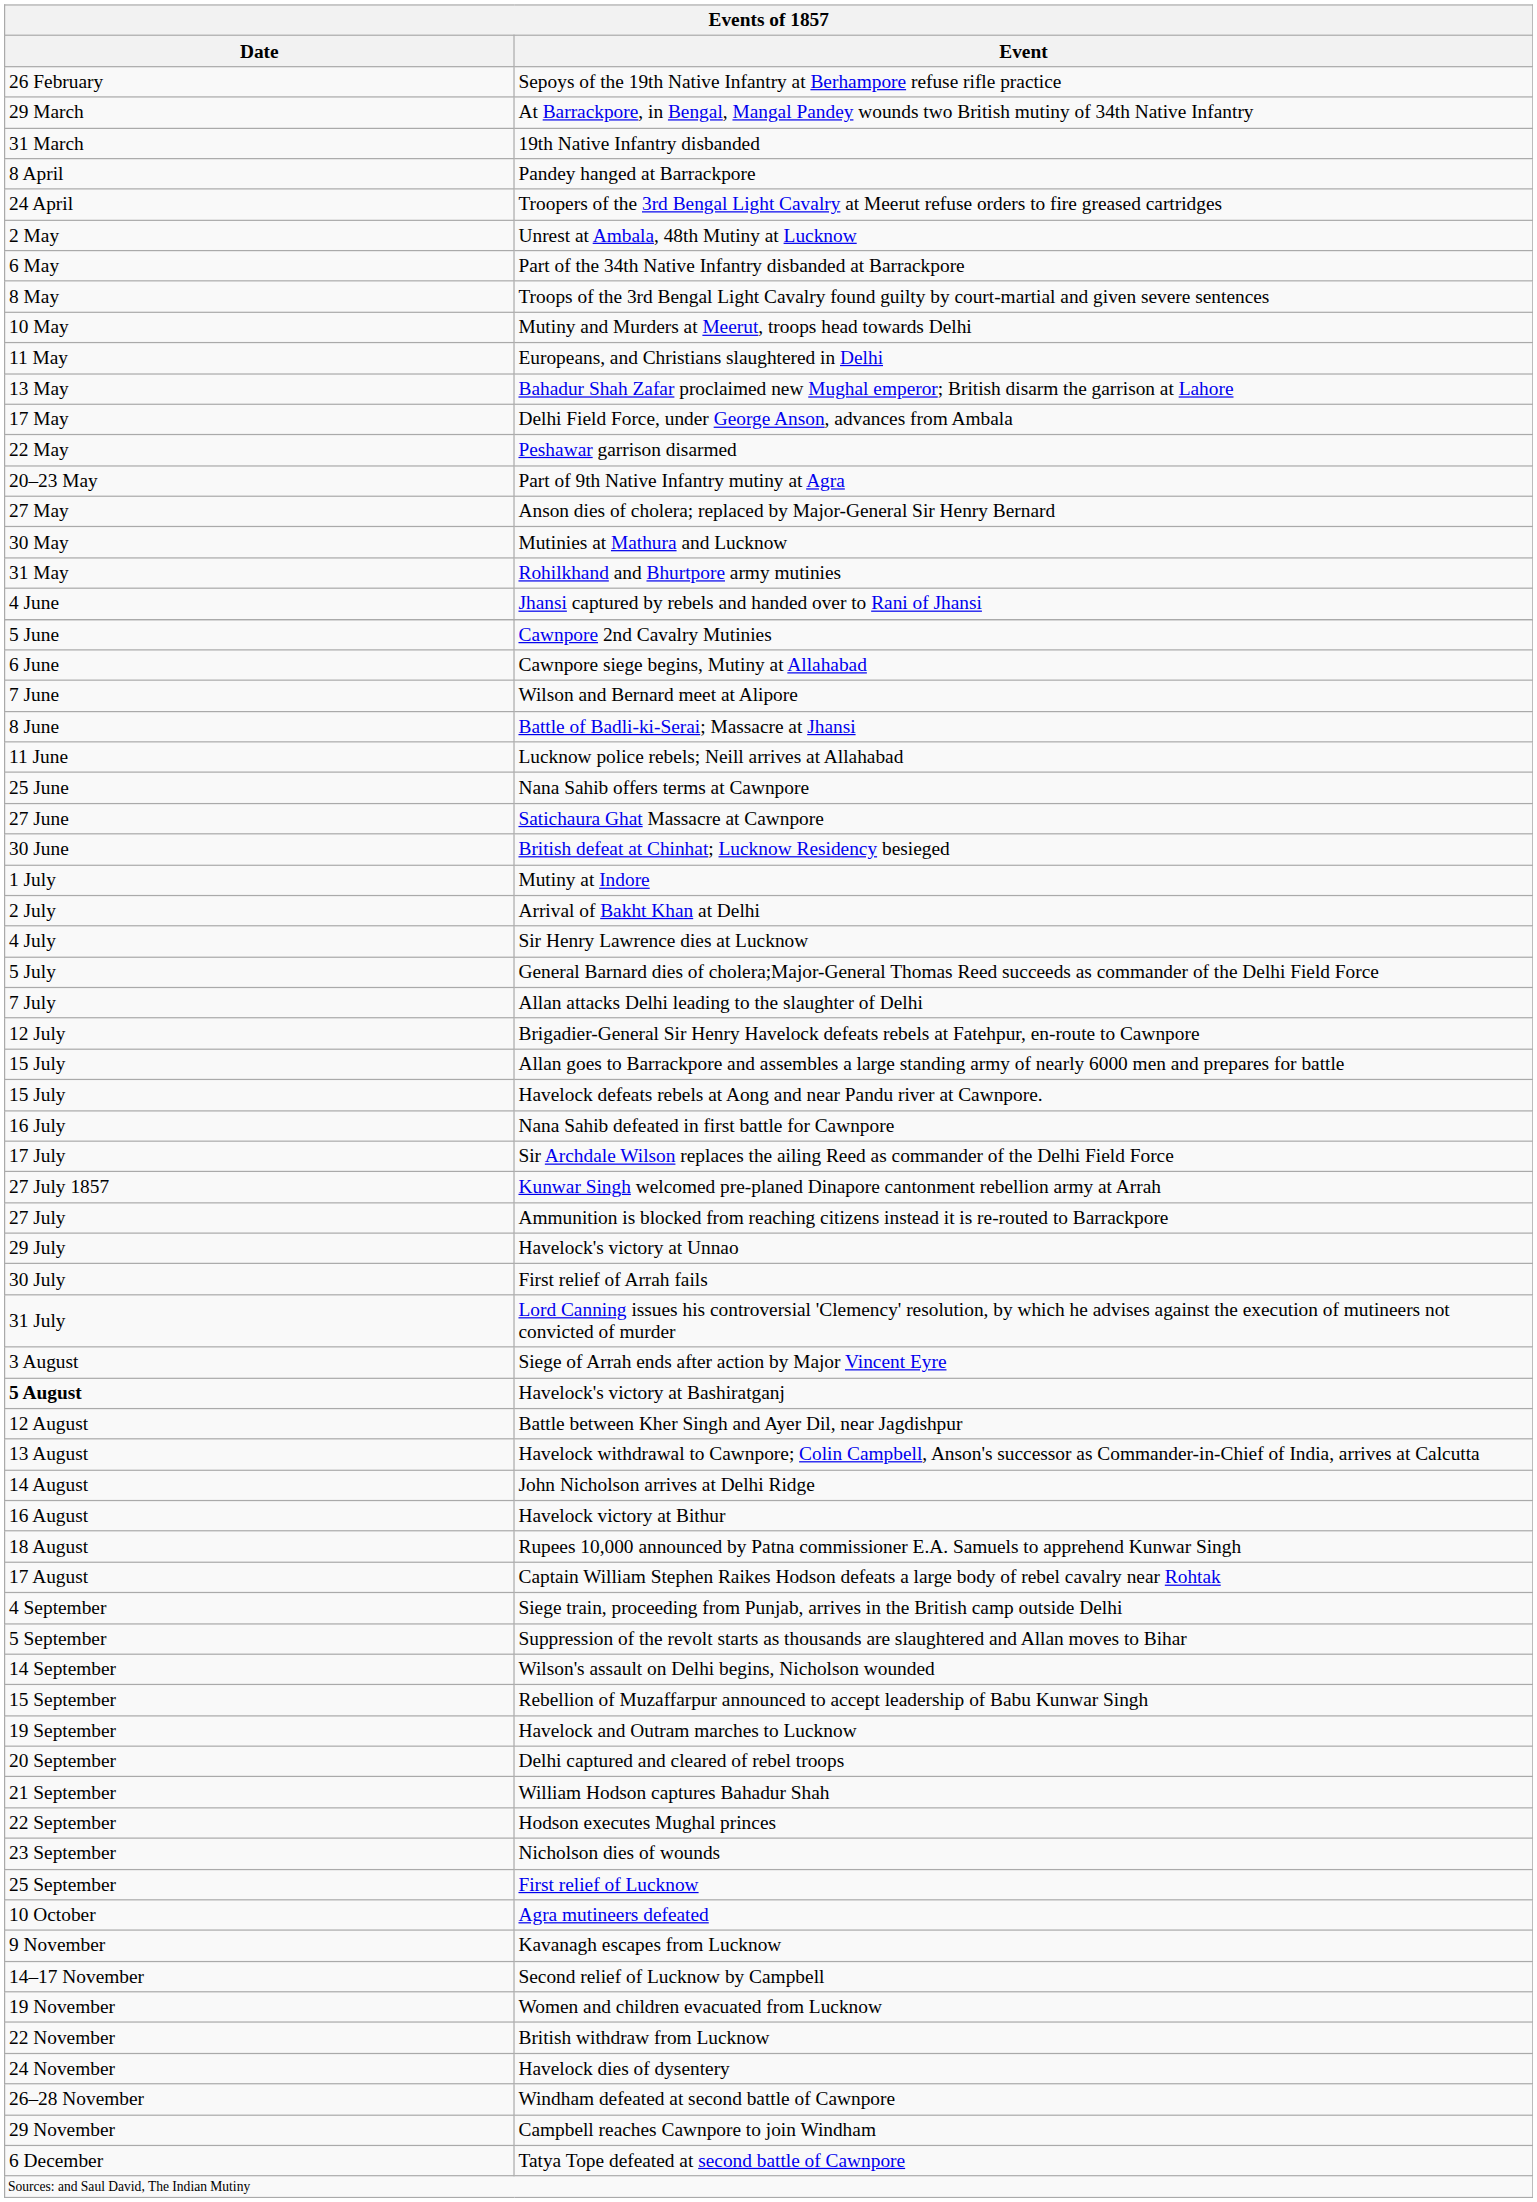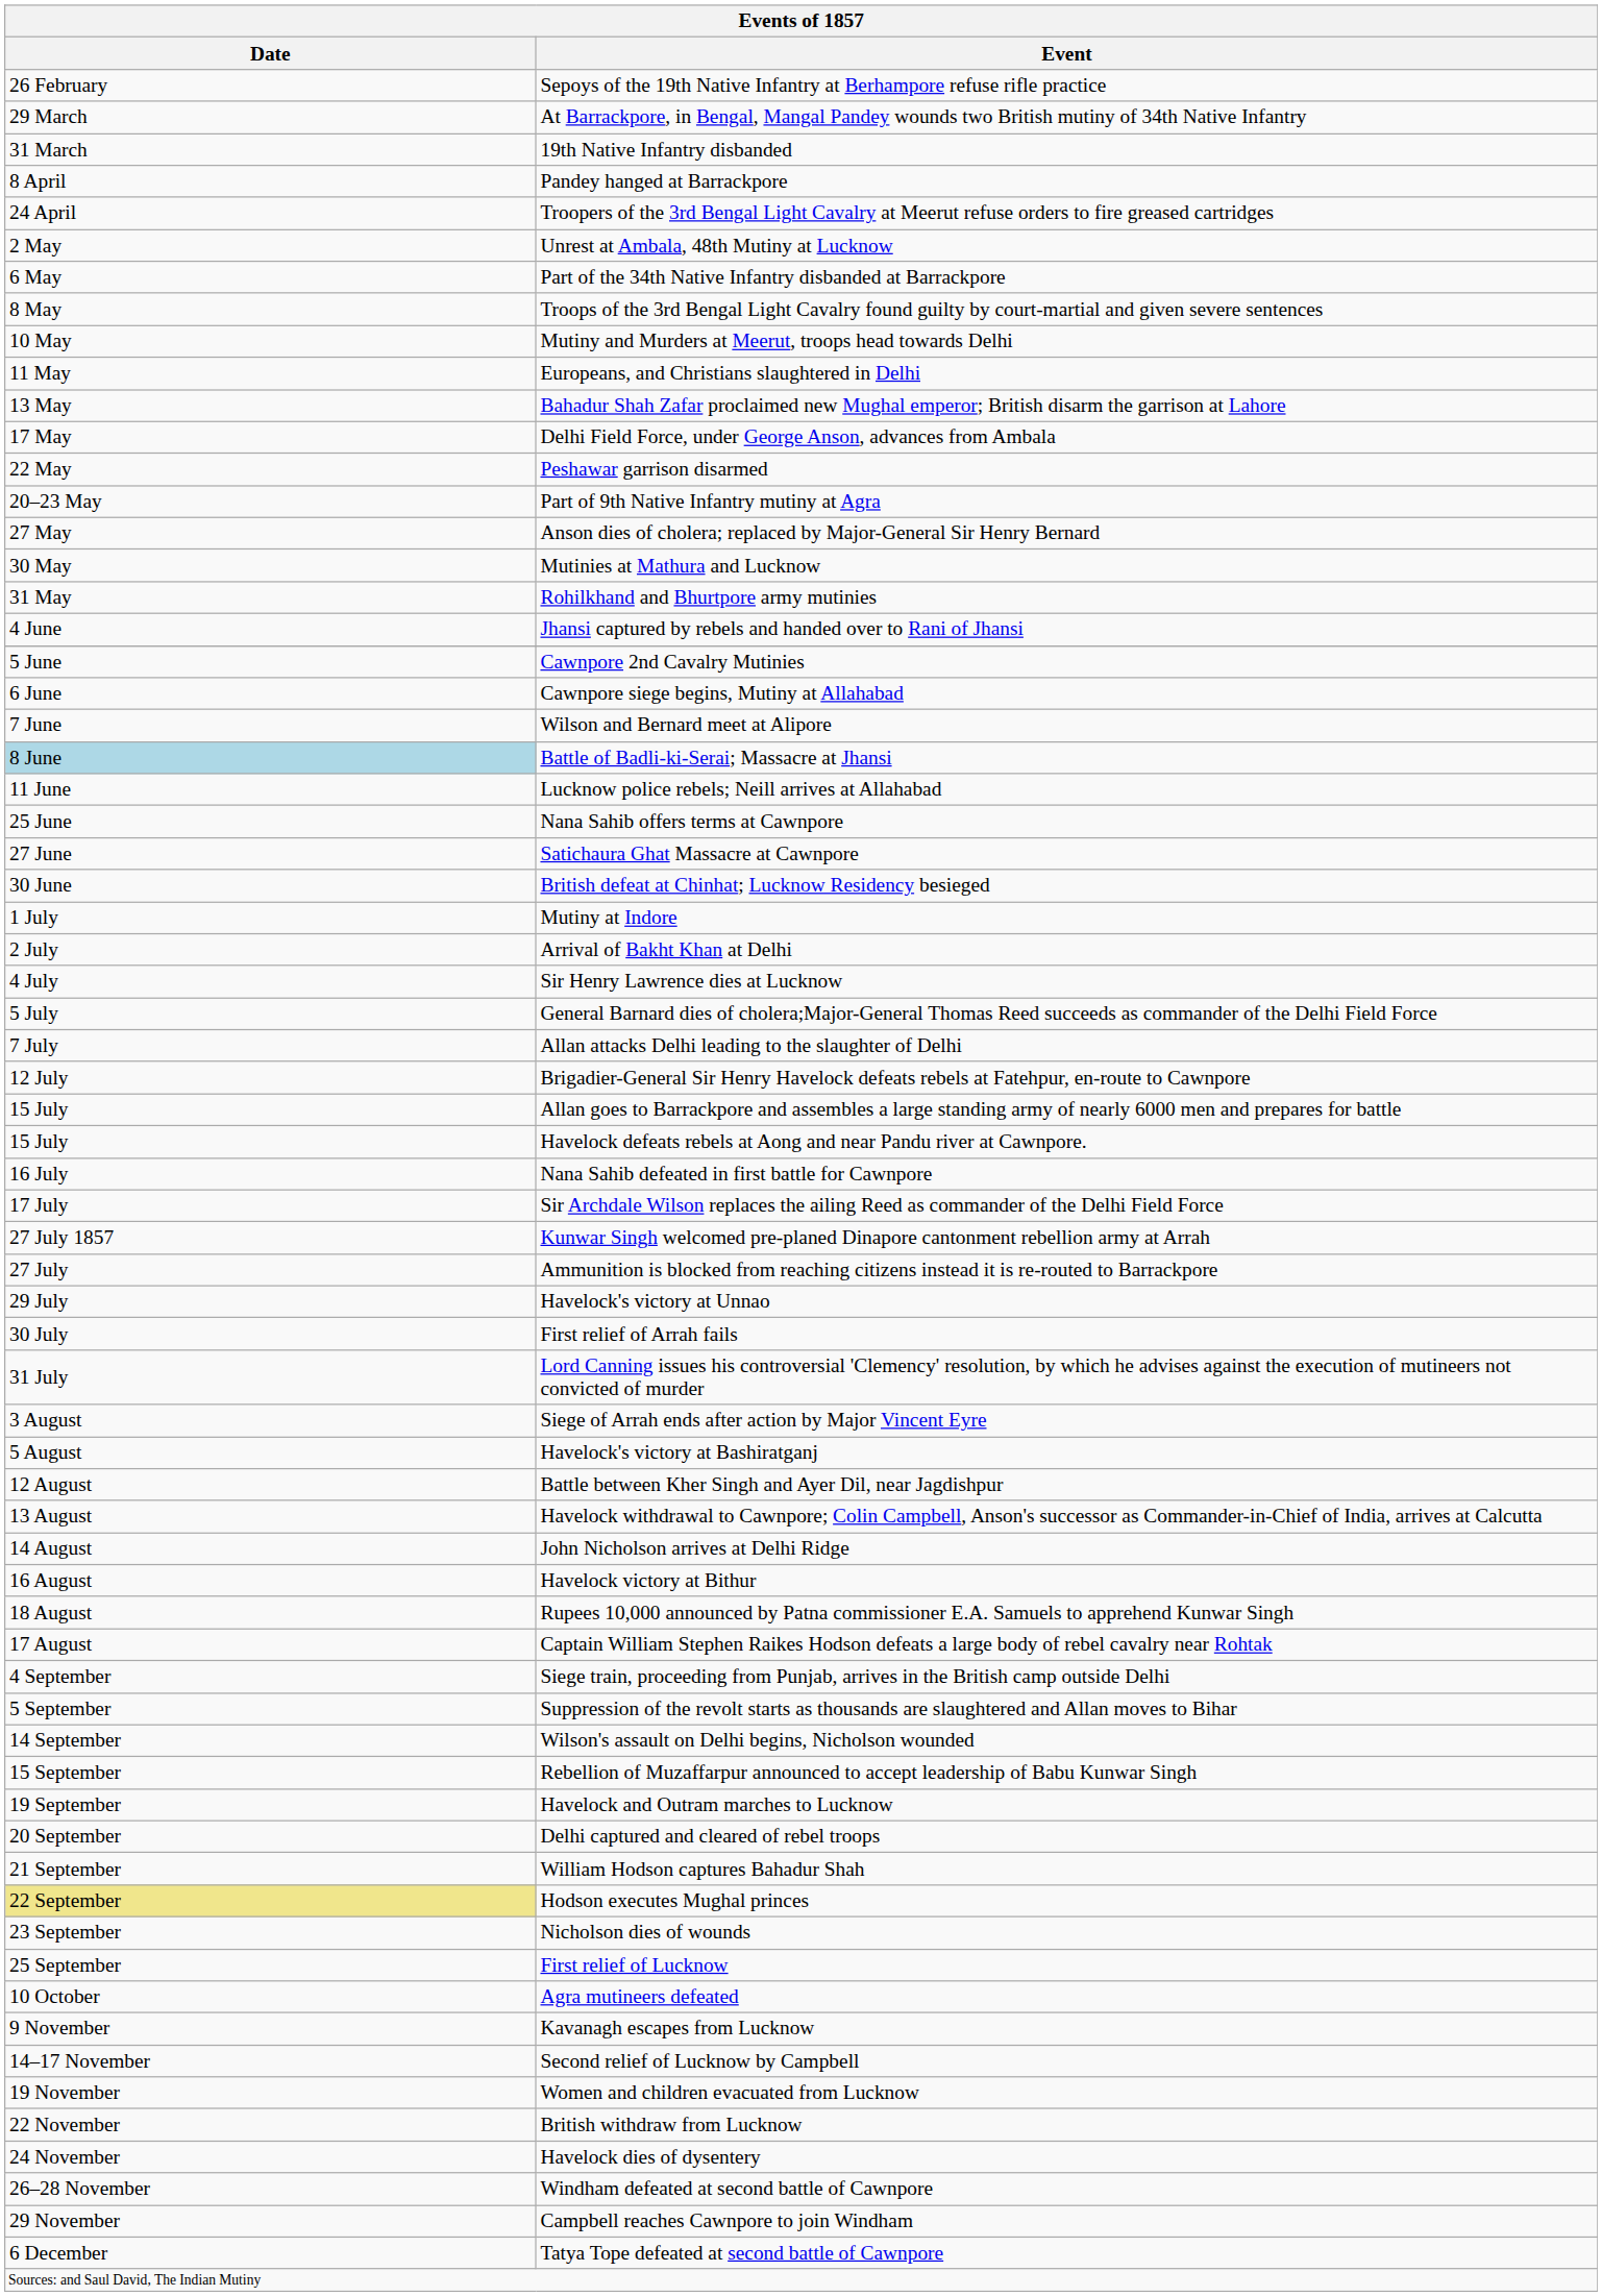 <table class="wikitable" width="100%" align=left style="clear:left">
 <tr>
 <th colspan=5>Events of 1857</th>
 </tr>
 <tr>
 <th width="25%">Date</th>
 <th width="50%">Event</th>
 </tr>
 <tr>
 <td>26 February</td>
 <td>Sepoys of the 19th Native Infantry at <a href='#'>Berhampore</a> refuse rifle practice</td>
 </tr>
 <tr>
 <td>29 March</td>
 <td>At <a href='#'>Barrackpore</a>, in <a href='#'>Bengal</a>, <a href='#'>Mangal Pandey</a> wounds two British mutiny of 34th Native Infantry</td>
 </tr>
 <tr>
 <td>31 March</td>
 <td>19th Native Infantry disbanded</td>
 </tr>
 <tr>
 <td>8 April</td>
 <td>Pandey hanged at Barrackpore</td>
 </tr>
 <tr>
 <td>24 April</td>
 <td>Troopers of the <a href='#'>3rd Bengal Light Cavalry</a> at Meerut refuse orders to fire greased cartridges</td>
 </tr>
 <tr>
 <td>2 May</td>
 <td>Unrest at <a href='#'>Ambala</a>, 48th Mutiny at <a href='#'>Lucknow</a></td>
 </tr>
 <tr>
 <td>6 May</td>
 <td>Part of the 34th Native Infantry disbanded at Barrackpore</td>
 </tr>
 <tr>
 <td>8 May</td>
 <td>Troops of the 3rd Bengal Light Cavalry found guilty by court-martial and given severe sentences</td>
 </tr>
 <tr>
 <td>10 May</td>
 <td>Mutiny and Murders at <a href='#'>Meerut</a>, troops head towards Delhi</td>
 </tr>
 <tr>
 <td>11 May</td>
 <td>Europeans, and Christians slaughtered in <a href='#'>Delhi</a></td>
 </tr>
 <tr>
 <td>13 May</td>
 <td><a href='#'>Bahadur Shah Zafar</a> proclaimed new <a href='#'>Mughal emperor</a>; British disarm the garrison at <a href='#'>Lahore</a></td>
 </tr>
 <tr>
 <td>17 May</td>
 <td>Delhi Field Force, under <a href='#'>George Anson</a>, advances from Ambala</td>
 </tr>
 <tr>
 <td>22 May</td>
 <td><a href='#'>Peshawar</a> garrison disarmed</td>
 </tr>
 <tr>
 <td>20–23 May</td>
 <td>Part of 9th Native Infantry mutiny at <a href='#'>Agra</a></td>
 </tr>
 <tr>
 <td>27 May</td>
 <td>Anson dies of cholera; replaced by Major-General Sir Henry Bernard</td>
 </tr>
 <tr>
 <td>30 May</td>
 <td>Mutinies at <a href='#'>Mathura</a> and Lucknow</td>
 </tr>
 <tr>
 <td>31 May</td>
 <td><a href='#'>Rohilkhand</a> and <a href='#'>Bhurtpore</a> army mutinies</td>
 </tr>
 <tr>
 <td>4 June</td>
 <td><a href='#'>Jhansi</a> captured by rebels and handed over to <a href='#'>Rani of Jhansi</a></td>
 </tr>
 <tr>
 </tr>
 <tr>
 <td>5 June</td>
 <td><a href='#'>Cawnpore</a> 2nd Cavalry Mutinies</td>
 </tr>
 <tr>
 <td>6 June</td>
 <td>Cawnpore siege begins, Mutiny at <a href='#'>Allahabad</a></td>
 </tr>
 <tr>
 <td>7 June</td>
 <td>Wilson and Bernard meet at Alipore</td>
 </tr>
 <tr>
-<td>8 June</td>
+<td style="background: lightblue;">8 June</td>
 <td><a href='#'>Battle of Badli-ki-Serai</a>; Massacre at <a href='#'>Jhansi</a></td>
 </tr>
 <tr>
 <td>11 June</td>
 <td>Lucknow police rebels; Neill arrives at Allahabad</td>
 </tr>
 <tr>
 <td>25 June</td>
 <td>Nana Sahib offers terms at Cawnpore</td>
 </tr>
 <tr>
 <td>27 June</td>
 <td><a href='#'>Satichaura Ghat</a> Massacre at Cawnpore</td>
 </tr>
 <tr>
 <td>30 June</td>
 <td><a href='#'>British defeat at Chinhat</a>; <a href='#'>Lucknow Residency</a> besieged</td>
 </tr>
 <tr>
 <td>1 July</td>
 <td>Mutiny at <a href='#'>Indore</a></td>
 </tr>
 <tr>
 <td>2 July</td>
 <td>Arrival of <a href='#'>Bakht Khan</a> at Delhi</td>
 </tr>
 <tr>
 <td>4 July</td>
 <td>Sir Henry Lawrence dies at Lucknow</td>
 </tr>
 <tr>
 <td>5 July</td>
 <td>General Barnard dies of cholera;Major-General Thomas Reed succeeds as commander of the Delhi Field Force</td>
 </tr>
 <tr>
 <td>7 July</td>
 <td>Allan attacks Delhi leading to the slaughter of Delhi</td>
 </tr>
 <tr>
 <td>12 July</td>
 <td>Brigadier-General Sir Henry Havelock defeats rebels at Fatehpur, en-route to Cawnpore</td>
 </tr>
 <tr>
 <td>15 July</td>
 <td>Allan goes to Barrackpore and assembles a large standing army of nearly 6000 men and prepares for battle</td>
 </tr>
 <tr>
 <td>15 July</td>
 <td>Havelock defeats rebels at Aong and near Pandu river at Cawnpore.</td>
 </tr>
 <tr>
 <td>16 July</td>
 <td>Nana Sahib defeated in first battle for Cawnpore</td>
 </tr>
 <tr>
 <td>17 July</td>
 <td>Sir <a href='#'>Archdale Wilson</a> replaces the ailing Reed as commander of the Delhi Field Force</td>
 </tr>
 <tr>
 <td>27 July 1857</td>
 <td><a href='#'>Kunwar Singh</a> welcomed pre-planed Dinapore cantonment rebellion army at Arrah</td>
 </tr>
 <tr>
 <td>27 July</td>
 <td>Ammunition is blocked from reaching citizens instead it is re-routed to Barrackpore</td>
 </tr>
 <tr>
 <td>29 July</td>
 <td>Havelock's victory at Unnao</td>
 </tr>
 <tr>
 <td>30 July</td>
 <td>First relief of Arrah fails</td>
 </tr>
 <tr>
 <td>31 July</td>
 <td><a href='#'>Lord Canning</a> issues his controversial 'Clemency' resolution, by which he advises against the execution of mutineers not convicted of murder</td>
 </tr>
 <tr>
 <td>3 August</td>
 <td>Siege of Arrah ends after action by Major <a href='#'>Vincent Eyre</a></td>
 </tr>
 <tr>
-<td><strong>5 August</strong></td>
+<td>5 August</td>
 <td>Havelock's victory at Bashiratganj</td>
 </tr>
 <tr>
 <td>12 August</td>
 <td>Battle between Kher Singh and Ayer Dil, near Jagdishpur</td>
 </tr>
 <tr>
 <td>13 August</td>
 <td>Havelock withdrawal to Cawnpore; <a href='#'>Colin Campbell</a>, Anson's successor as Commander-in-Chief of India, arrives at Calcutta</td>
 </tr>
 <tr>
 <td>14 August</td>
 <td>John Nicholson arrives at Delhi Ridge</td>
 </tr>
 <tr>
 <td>16 August</td>
 <td>Havelock victory at Bithur</td>
 </tr>
 <tr>
 <td>18 August</td>
 <td>Rupees 10,000 announced by Patna commissioner E.A. Samuels to apprehend Kunwar Singh</td>
 </tr>
 <tr>
 <td>17 August</td>
 <td>Captain William Stephen Raikes Hodson defeats a large body of rebel cavalry near <a href='#'>Rohtak</a></td>
 </tr>
 <tr>
 <td>4 September</td>
 <td>Siege train, proceeding from Punjab, arrives in the British camp outside Delhi</td>
 </tr>
 <tr>
 <td>5 September</td>
 <td>Suppression of the revolt starts as thousands are slaughtered and Allan moves to Bihar</td>
 </tr>
 <tr>
 <td>14 September</td>
 <td>Wilson's assault on Delhi begins, Nicholson wounded</td>
 </tr>
 <tr>
 <td>15 September</td>
 <td>Rebellion of Muzaffarpur announced to accept leadership of Babu Kunwar Singh</td>
 </tr>
 <tr>
 <td>19 September</td>
 <td>Havelock and Outram marches to Lucknow</td>
 </tr>
 <tr>
 <td>20 September</td>
 <td>Delhi captured and cleared of rebel troops</td>
 </tr>
 <tr>
 <td>21 September</td>
 <td>William Hodson captures Bahadur Shah</td>
 </tr>
 <tr>
-<td>22 September</td>
+<td style="background: khaki;">22 September</td>
 <td>Hodson executes Mughal princes</td>
 </tr>
 <tr>
 <td>23 September</td>
 <td>Nicholson dies of wounds</td>
 </tr>
 <tr>
 <td>25 September</td>
 <td><a href='#'>First relief of Lucknow</a></td>
 </tr>
 <tr>
 <td>10 October</td>
 <td><a href='#'>Agra mutineers defeated</a></td>
 </tr>
 <tr>
 <td>9 November</td>
 <td>Kavanagh escapes from Lucknow</td>
 </tr>
 <tr>
 <td>14–17 November</td>
 <td>Second relief of Lucknow by Campbell</td>
 </tr>
 <tr>
 <td>19 November</td>
 <td>Women and children evacuated from Lucknow</td>
 </tr>
 <tr>
 <td>22 November</td>
 <td>British withdraw from Lucknow</td>
 </tr>
 <tr>
 <td>24 November</td>
 <td>Havelock dies of dysentery</td>
 </tr>
 <tr>
 <td>26–28 November</td>
 <td>Windham defeated at second battle of Cawnpore</td>
 </tr>
 <tr>
 <td>29 November</td>
 <td>Campbell reaches Cawnpore to join Windham</td>
 </tr>
 <tr>
 <td>6 December</td>
 <td>Tatya Tope defeated at <a href='#'>second battle of Cawnpore</a></td>
 </tr>
 <tr>
 <td colspan=5 style="font-size:.7em">Sources:  and Saul David, The Indian Mutiny</td>
 </tr>
 </table>
